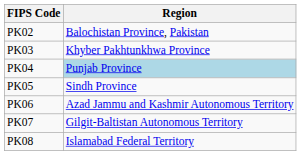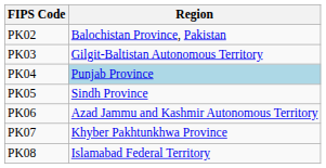 <table class="wikitable">
 <tr>
 <th>FIPS Code</th>
 <th>Region</th>
 </tr>
 <tr>
 <td>PK02</td>
 <td><a href='#'>Balochistan Province</a>, <a href='#'>Pakistan</a></td>
 </tr>
 <tr>
 <td>PK03</td>
-<td><a href='#'>Khyber Pakhtunkhwa Province</a></td>
+<td><a href='#'>Gilgit-Baltistan Autonomous Territory</a></td>
 </tr>
 <tr>
 <td>PK04</td>
 <td style="background: lightblue;"><a href='#'>Punjab Province</a></td>
 </tr>
 <tr>
 <td>PK05</td>
 <td><a href='#'>Sindh Province</a></td>
 </tr>
 <tr>
 <td>PK06</td>
 <td><a href='#'>Azad Jammu and Kashmir Autonomous Territory</a></td>
 </tr>
 <tr>
 <td>PK07</td>
-<td><a href='#'>Gilgit-Baltistan Autonomous Territory</a></td>
+<td><a href='#'>Khyber Pakhtunkhwa Province</a></td>
 </tr>
 <tr>
 <td>PK08</td>
 <td><a href='#'>Islamabad Federal Territory</a></td>
 </tr>
 </table>
